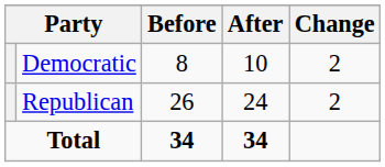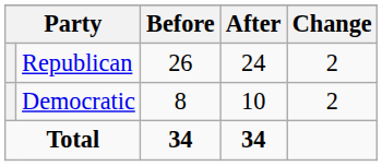 <table class="wikitable" style="text-align:center;">
 <tr>
 </tr>
 <tr>
 <th colspan=2>Party</th>
 <th>Before</th>
 <th>After</th>
 <th>Change</th>
 </tr>
 <tr>
 <th style="background-color:"></th>
-<td style="text-align:left;"><a href='#'>Democratic</a></td>
-<td>8</td>
-<td>10</td>
+<td style="text-align:left;"><a href='#'>Republican</a></td>
+<td>26</td>
+<td>24</td>
 <td> 2</td>
 </tr>
 <tr>
 <th style="background-color:"></th>
-<td style="text-align:left;"><a href='#'>Republican</a></td>
-<td>26</td>
-<td>24</td>
+<td style="text-align:left;"><a href='#'>Democratic</a></td>
+<td>8</td>
+<td>10</td>
 <td> 2</td>
 </tr>
 <tr>
 <td colspan=2><strong>Total</strong></td>
 <td><strong>34</strong></td>
 <td><strong>34</strong></td>
 <td></td>
 </tr>
 </table>
